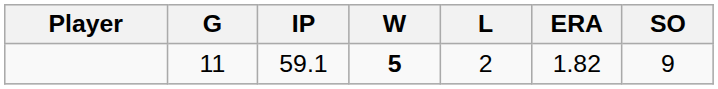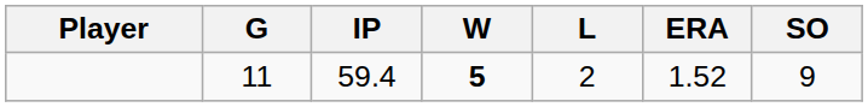 <table class="wikitable sortable">
 <tr>
 <th bgcolor="#DDDDFF" width="16%">Player</th>
 <th bgcolor="#DDDDFF" width="9%">G</th>
 <th bgcolor="#DDDDFF" width="9%">IP</th>
 <th bgcolor="#DDDDFF" width="9%">W</th>
 <th bgcolor="#DDDDFF" width="9%">L</th>
 <th bgcolor="#DDDDFF" width="9%">ERA</th>
 <th bgcolor="#DDDDFF" width="9%">SO</th>
 </tr>
 <tr align="center">
 <td></td>
 <td>11</td>
-<td>59.1</td>
+<td>59.4</td>
 <td><strong>5</strong></td>
 <td>2</td>
-<td>1.82</td>
+<td>1.52</td>
 <td>9</td>
 </tr>
 </table>
